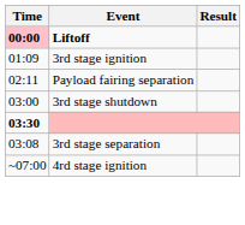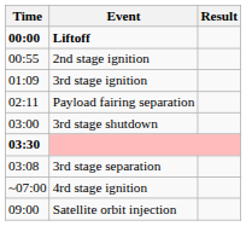 <table class="wikitable collapsible">
 <tr>
 <th>Time</th>
 <th>Event</th>
 <th>Result</th>
 </tr>
 <tr>
-<td style="background: pink;"><strong>00:00</strong></td>
+<td><strong>00:00</strong></td>
 <td><strong>Liftoff</strong></td>
+<td></td>
+</tr>
+<tr>
+<td>00:55</td>
+<td>2nd stage ignition</td>
 <td></td>
 </tr>
 <tr>
 <td>01:09</td>
 <td>3rd stage ignition</td>
 <td></td>
 </tr>
 <tr>
 <td>02:11</td>
 <td>Payload fairing separation</td>
 <td></td>
 </tr>
 <tr>
 <td>03:00</td>
 <td>3rd stage shutdown</td>
 <td></td>
 </tr>
 <tr>
 <td><strong>03:30</strong></td>
 <td colspan="2" style="background: #ffbbbb;"></td>
 </tr>
 <tr>
 <td>03:08</td>
 <td>3rd stage separation</td>
 <td></td>
 </tr>
 <tr>
 <td>~07:00</td>
 <td>4rd stage ignition</td>
 <td></td>
 </tr>
+<tr>
+<td>09:00</td>
+<td>Satellite orbit injection</td>
+<td></td>
+</tr>
 </table>
